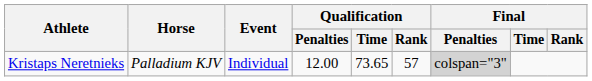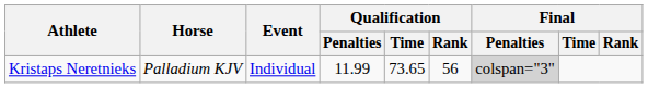 <table class="wikitable" style="font-size:90%">
 <tr>
 <th rowspan="2">Athlete</th>
 <th rowspan="2">Horse</th>
 <th rowspan="2">Event</th>
 <th colspan="3">Qualification</th>
 <th colspan="3">Final</th>
 </tr>
 <tr style="font-size:95%">
 <th>Penalties</th>
 <th>Time</th>
 <th>Rank</th>
 <th>Penalties</th>
 <th>Time</th>
 <th>Rank</th>
 </tr>
 <tr align=center>
 <td align=left><a href='#'>Kristaps Neretnieks</a></td>
 <td align=left><em>Palladium KJV</em></td>
 <td align=left><a href='#'>Individual</a></td>
-<td>12.00</td>
+<td>11.99</td>
 <td>73.65</td>
-<td>57</td>
+<td>56</td>
 <td style="background: lightgrey;">colspan="3"</td>
 </tr>
 </table>
